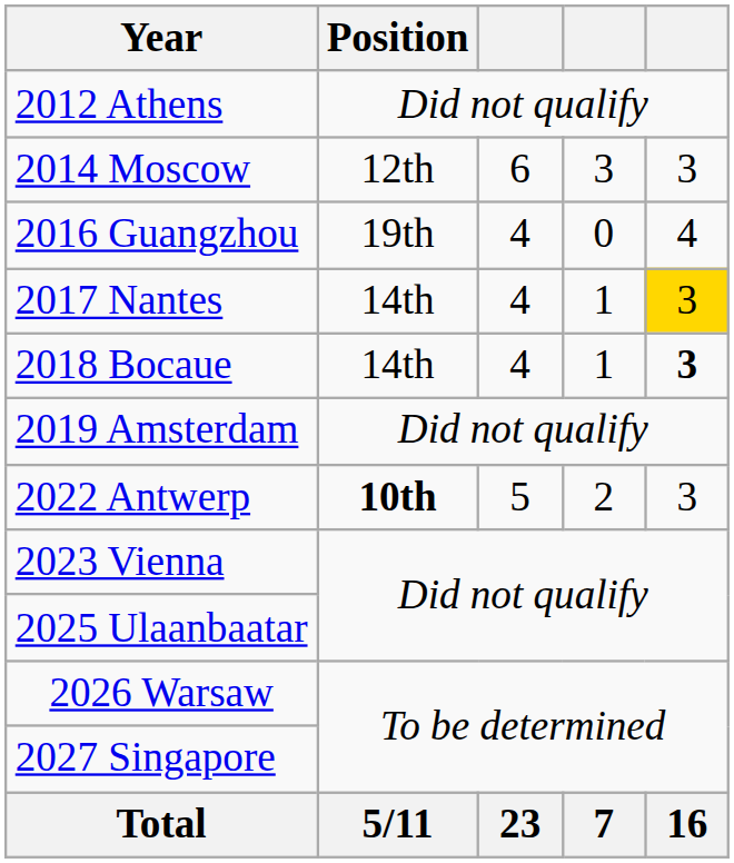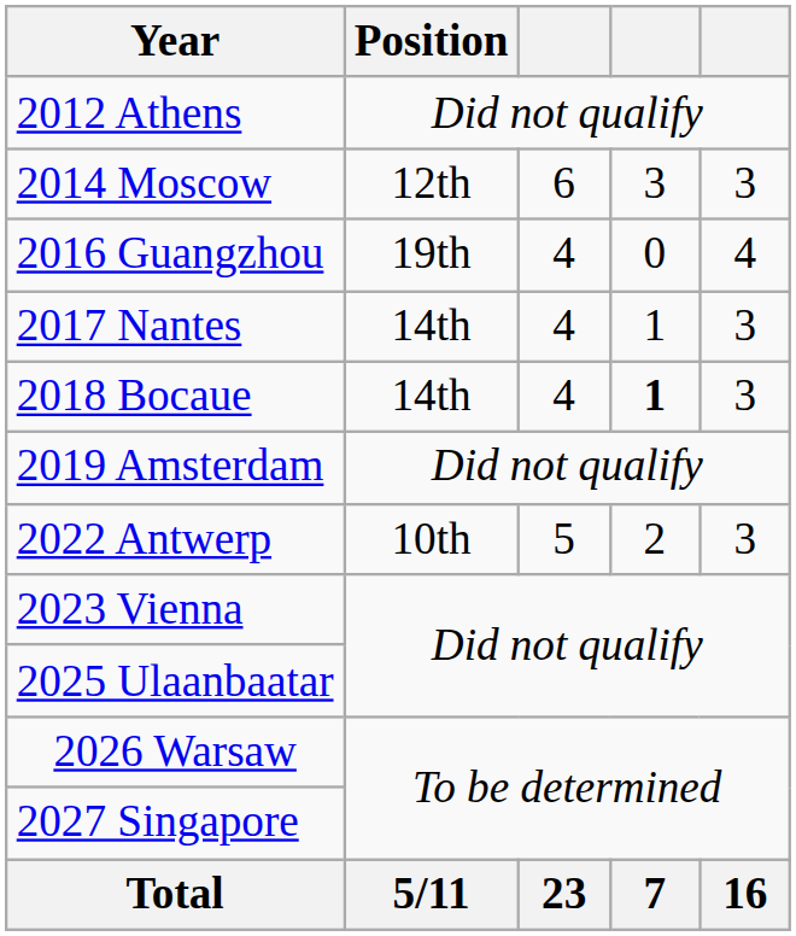 <table class="wikitable" style="text-align: center;">
 <tr>
 <th>Year</th>
 <th>Position</th>
 <th width=25px></th>
 <th width=25px></th>
 <th width=25px></th>
 </tr>
 <tr>
 <td style="text-align:left;"> <a href='#'>2012 Athens</a></td>
 <td colspan=4><em>Did not qualify</em></td>
 </tr>
 <tr>
 <td style="text-align:left;"> <a href='#'>2014 Moscow</a></td>
 <td>12th</td>
 <td>6</td>
 <td>3</td>
 <td>3</td>
 </tr>
 <tr>
 <td style="text-align:left;"> <a href='#'>2016 Guangzhou</a></td>
 <td>19th</td>
 <td>4</td>
 <td>0</td>
 <td>4</td>
 </tr>
 <tr>
 <td style="text-align:left;"> <a href='#'>2017 Nantes</a></td>
 <td>14th</td>
 <td>4</td>
 <td>1</td>
-<td style="background: gold;">3</td>
+<td>3</td>
 </tr>
 <tr>
 <td style="text-align:left;"> <a href='#'>2018 Bocaue</a></td>
 <td>14th</td>
 <td>4</td>
-<td>1</td>
-<td><strong>3</strong></td>
+<td><strong>1</strong></td>
+<td>3</td>
 </tr>
 <tr>
 <td style="text-align:left;"> <a href='#'>2019 Amsterdam</a></td>
 <td colspan=4><em>Did not qualify</em></td>
 </tr>
 <tr>
 <td style="text-align:left;"> <a href='#'>2022 Antwerp</a></td>
-<td><strong>10th</strong></td>
+<td>10th</td>
 <td>5</td>
 <td>2</td>
 <td>3</td>
 </tr>
 <tr>
 <td style="text-align:left;"> <a href='#'>2023 Vienna</a></td>
 <td colspan=4 rowspan=2><em>Did not qualify</em></td>
 </tr>
 <tr>
 <td style="text-align:left;"> <a href='#'>2025 Ulaanbaatar</a></td>
 </tr>
 <tr>
 <td style="test-align:left;"> <a href='#'>2026 Warsaw</a></td>
 <td colspan=4 rowspan=2><em>To be determined</em></td>
 </tr>
 <tr>
 <td style="text-align:left;"> <a href='#'>2027 Singapore</a></td>
 </tr>
 <tr>
 <th>Total</th>
 <th>5/11</th>
 <th>23</th>
 <th>7</th>
 <th>16</th>
 </tr>
 </table>
